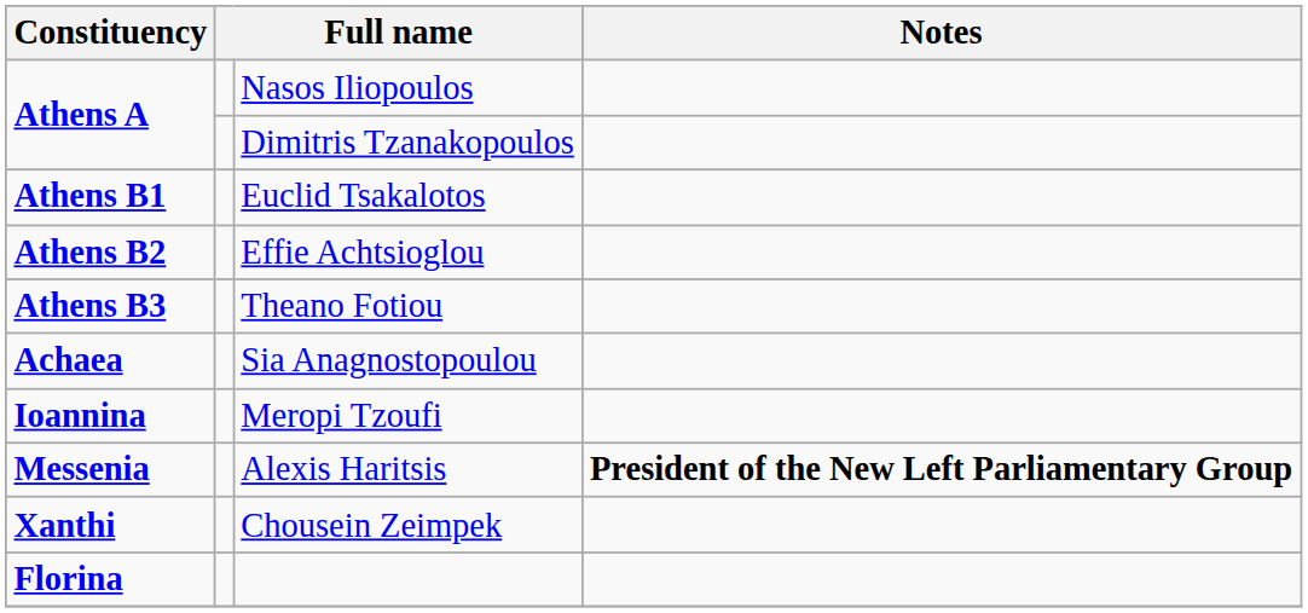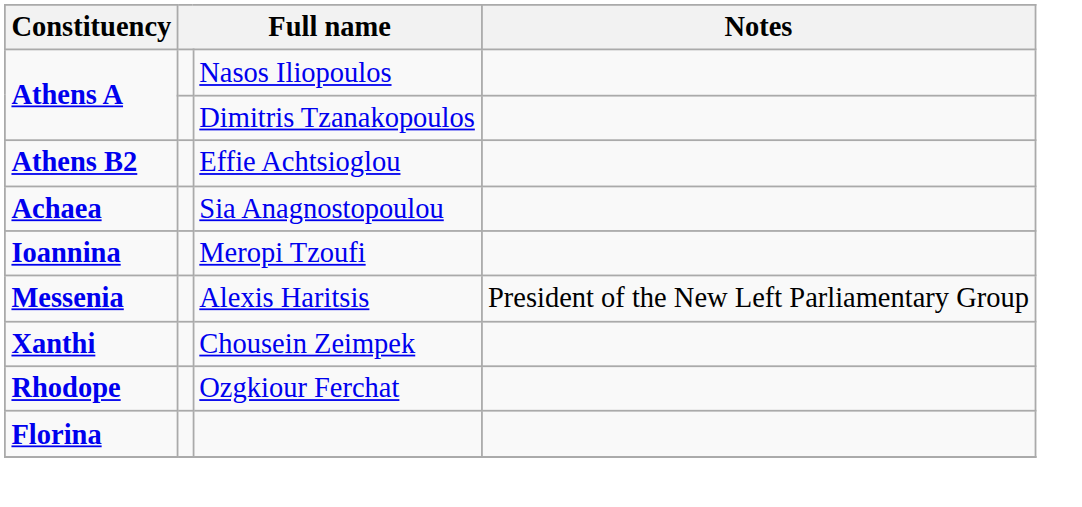 <table class="wikitable">
 <tr>
 <th>Constituency</th>
 <th colspan="2">Full name</th>
 <th>Notes</th>
 </tr>
 <tr>
 <td rowspan="2"><strong><a href='#'>Athens A</a></strong></td>
 <td></td>
 <td><a href='#'>Nasos Iliopoulos</a></td>
 <td></td>
 </tr>
 <tr>
 <td></td>
 <td><a href='#'>Dimitris Tzanakopoulos</a></td>
 <td></td>
 </tr>
 <tr>
-<td><strong><a href='#'>Athens B1</a></strong></td>
-<td></td>
-<td><a href='#'>Euclid Tsakalotos</a></td>
-<td></td>
-</tr>
-<tr>
 <td><strong><a href='#'>Athens B2</a></strong></td>
 <td></td>
 <td><a href='#'>Effie Achtsioglou</a></td>
-<td></td>
-</tr>
-<tr>
-<td><strong><a href='#'>Athens B3</a></strong></td>
-<td></td>
-<td><a href='#'>Theano Fotiou</a></td>
 <td></td>
 </tr>
 <tr>
 <td><a href='#'><strong>Achaea</strong></a></td>
 <td></td>
 <td><a href='#'>Sia Anagnostopoulou</a></td>
 <td></td>
 </tr>
 <tr>
 <td><a href='#'><strong>Ioannina</strong></a></td>
 <td></td>
 <td><a href='#'>Meropi Tzoufi</a></td>
 <td></td>
 </tr>
 <tr>
 <td><strong><a href='#'>Messenia</a></strong></td>
 <td width="1"></td>
 <td><a href='#'>Alexis Haritsis</a></td>
-<td><strong>President of the New Left Parliamentary Group</strong></td>
+<td>President of the New Left Parliamentary Group</td>
 </tr>
 <tr>
 <td><strong><a href='#'>Xanthi</a></strong></td>
 <td width="1"></td>
 <td><a href='#'>Chousein Zeimpek</a></td>
+<td></td>
+</tr>
+<tr>
+<td><a href='#'><strong>Rhodope</strong></a></td>
+<td width="1"></td>
+<td><a href='#'>Ozgkiour Ferchat</a></td>
 <td></td>
 </tr>
 <tr>
 <td><strong><a href='#'>Florina</a></strong></td>
 <td width="1"></td>
 <td></td>
 <td></td>
 </tr>
 <tr>
 </tr>
 </table>
